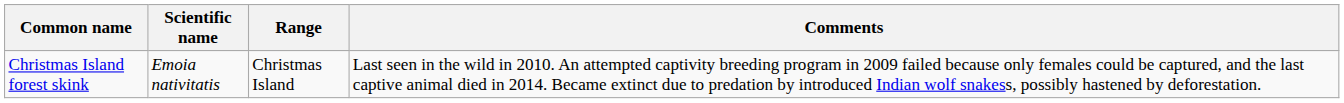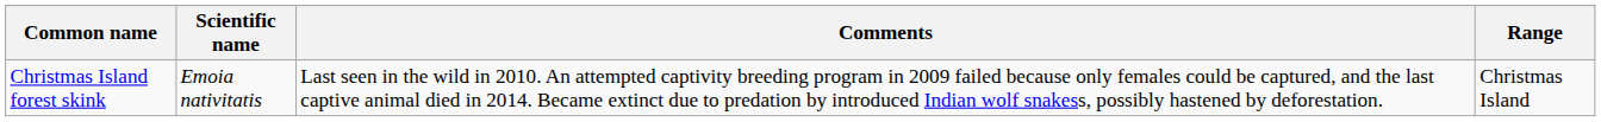 <table class="wikitable">
 <tr>
 <th>Common name</th>
 <th>Scientific name</th>
+<th class="unsortable">Comments</th>
 <th>Range</th>
-<th class="unsortable">Comments</th>
 </tr>
 <tr>
 <td><a href='#'>Christmas Island forest skink</a></td>
 <td><em>Emoia nativitatis</em></td>
+<td>Last seen in the wild in 2010. An attempted captivity breeding program in 2009 failed because only females could be captured, and the last captive animal died in 2014. Became extinct due to predation by introduced <a href='#'>Indian wolf snakes</a>s, possibly hastened by deforestation.</td>
 <td>Christmas Island</td>
-<td>Last seen in the wild in 2010. An attempted captivity breeding program in 2009 failed because only females could be captured, and the last captive animal died in 2014. Became extinct due to predation by introduced <a href='#'>Indian wolf snakes</a>s, possibly hastened by deforestation.</td>
 </tr>
 </table>
